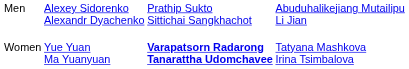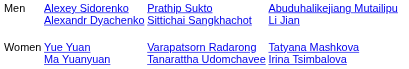 <table>
 <tr>
 <td>Men</td>
 <td><br><a href='#'>Alexey Sidorenko</a><br><a href='#'>Alexandr Dyachenko</a></td>
 <td><br><a href='#'>Prathip Sukto</a><br><a href='#'>Sittichai Sangkhachot</a></td>
 <td><br><a href='#'>Abuduhalikejiang Mutailipu</a><br><a href='#'>Li Jian</a></td>
 </tr>
 <tr>
 <td>Women</td>
 <td><br><a href='#'>Yue Yuan</a><br><a href='#'>Ma Yuanyuan</a></td>
-<td><strong><br><a href='#'>Varapatsorn Radarong</a><br><a href='#'>Tanarattha Udomchavee</a></strong></td>
+<td><br><a href='#'>Varapatsorn Radarong</a><br><a href='#'>Tanarattha Udomchavee</a></td>
 <td><br><a href='#'>Tatyana Mashkova</a><br><a href='#'>Irina Tsimbalova</a></td>
 </tr>
 </table>
